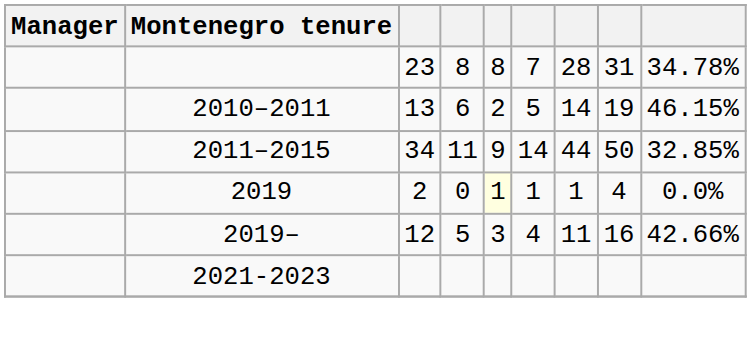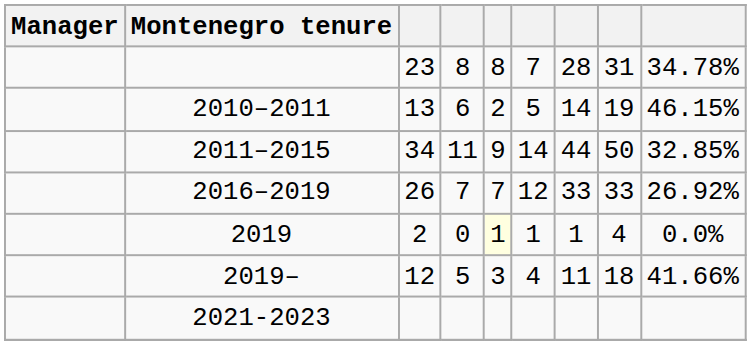 <table class="wikitable sortable" style="text-align:center;">
 <tr>
 <th>Manager</th>
 <th>Montenegro tenure</th>
 <th></th>
 <th></th>
 <th></th>
 <th></th>
 <th></th>
 <th></th>
 <th></th>
 </tr>
 <tr>
 <td style="text-align: left;"> </td>
 <td></td>
 <td>23</td>
 <td>8</td>
 <td>8</td>
 <td>7</td>
 <td>28</td>
 <td>31</td>
 <td>34.78%</td>
 </tr>
 <tr>
 <td style="text-align: left;"> </td>
 <td>2010–2011</td>
 <td>13</td>
 <td>6</td>
 <td>2</td>
 <td>5</td>
 <td>14</td>
 <td>19</td>
 <td>46.15%</td>
 </tr>
 <tr>
 <td style="text-align: left;"> </td>
 <td>2011–2015</td>
 <td>34</td>
 <td>11</td>
 <td>9</td>
 <td>14</td>
 <td>44</td>
 <td>50</td>
 <td>32.85%</td>
 </tr>
 <tr>
 <td style="text-align: left;"> </td>
+<td>2016–2019</td>
+<td>26</td>
+<td>7</td>
+<td>7</td>
+<td>12</td>
+<td>33</td>
+<td>33</td>
+<td>26.92%</td>
+</tr>
+<tr>
+<td style="text-align: left;"> </td>
 <td>2019</td>
 <td>2</td>
 <td>0</td>
 <td style="background: lightyellow;">1</td>
 <td>1</td>
 <td>1</td>
 <td>4</td>
 <td>0.0%</td>
 </tr>
 <tr>
 <td style="text-align: left;"> </td>
 <td>2019–</td>
 <td>12</td>
 <td>5</td>
 <td>3</td>
 <td>4</td>
 <td>11</td>
-<td>16</td>
-<td>42.66%</td>
+<td>18</td>
+<td>41.66%</td>
 </tr>
 <tr>
 <td style="text-align: left;"> </td>
 <td>2021-2023</td>
 <td></td>
 <td></td>
 <td></td>
 <td></td>
 <td></td>
 <td></td>
 <td></td>
 </tr>
 <tr>
 </tr>
 </table>
